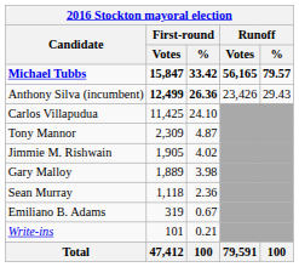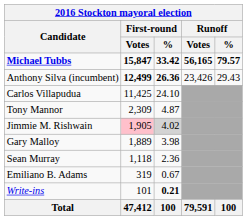 <table class=wikitable>
 <tr>
 <th colspan=5><a href='#'>2016 Stockton mayoral election</a></th>
 </tr>
 <tr>
 <th colspan=1 rowspan=2><strong>Candidate</strong></th>
 <th colspan=2><strong>First-round</strong></th>
 <th colspan=2><strong>Runoff</strong></th>
 </tr>
 <tr>
 <th>Votes</th>
 <th>%</th>
 <th>Votes</th>
 <th>%</th>
 </tr>
 <tr>
 <td><strong><a href='#'>Michael Tubbs</a></strong></td>
 <td align="right"><strong>15,847</strong></td>
 <td align="right"><strong>33.42</strong></td>
 <td align="right"><strong>56,165</strong></td>
 <td align="right"><strong>79.57</strong></td>
 </tr>
 <tr>
 <td>Anthony Silva (incumbent)</td>
 <td align="right"><strong>12,499</strong></td>
 <td align="right"><strong>26.36</strong></td>
 <td align="right">23,426</td>
 <td align="right">29.43</td>
 </tr>
 <tr>
 <td>Carlos Villapudua</td>
 <td align="right">11,425</td>
 <td align="right">24.10</td>
 <td colspan=2 bgcolor=darkgray></td>
 </tr>
 <tr>
 <td>Tony Mannor</td>
 <td align="right">2,309</td>
 <td align="right">4.87</td>
 <td colspan=2 bgcolor=darkgray></td>
 </tr>
 <tr>
 <td>Jimmie M. Rishwain</td>
-<td align="right">1,905</td>
-<td align="right">4.02</td>
+<td align="right" style="background: pink;">1,905</td>
+<td align="right" style="background: lightgrey;">4.02</td>
 <td colspan=2 bgcolor=darkgray></td>
 </tr>
 <tr>
 <td>Gary Malloy</td>
 <td align="right">1,889</td>
 <td align="right">3.98</td>
 <td colspan=2 bgcolor=darkgray></td>
 </tr>
 <tr>
 <td>Sean Murray</td>
 <td align="right">1,118</td>
 <td align="right">2.36</td>
 <td colspan=2 bgcolor=darkgray></td>
 </tr>
 <tr>
 <td>Emiliano B. Adams</td>
 <td align="right">319</td>
 <td align="right">0.67</td>
 <td colspan=2 bgcolor=darkgray></td>
 </tr>
 <tr>
 <td><em><a href='#'>Write-ins</a></em></td>
 <td align="right">101</td>
-<td align="right">0.21</td>
+<td align="right"><strong>0.21</strong></td>
 <td colspan=2 bgcolor=darkgray></td>
 </tr>
 <tr>
 <th>Total</th>
 <th>47,412</th>
 <th>100</th>
 <th>79,591</th>
 <th>100</th>
 </tr>
 </table>
